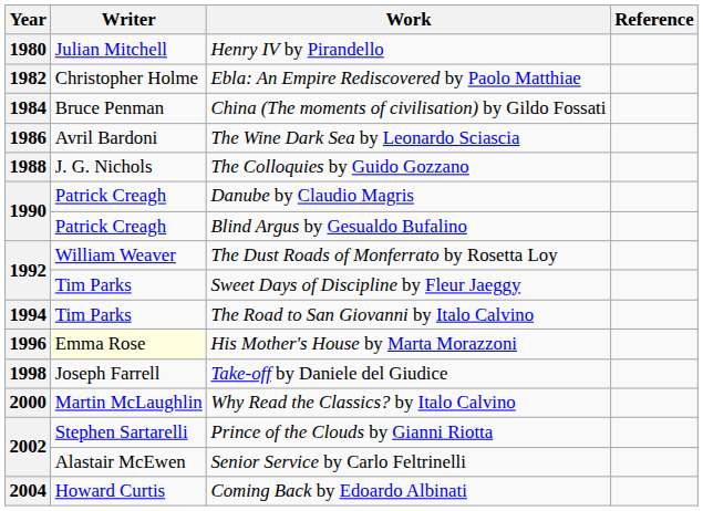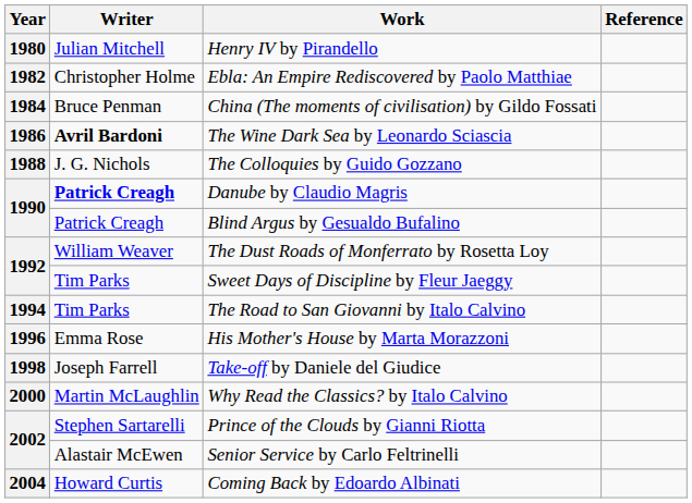 <table class="wikitable">
 <tr>
 <th>Year</th>
 <th>Writer</th>
 <th>Work</th>
 <th>Reference</th>
 </tr>
 <tr>
 <th>1980</th>
 <td><a href='#'>Julian Mitchell</a></td>
 <td><em>Henry IV</em> by <a href='#'>Pirandello</a></td>
 <td></td>
 </tr>
 <tr>
 <th>1982</th>
 <td>Christopher Holme</td>
 <td><em>Ebla: An Empire Rediscovered</em> by <a href='#'>Paolo Matthiae</a></td>
 <td></td>
 </tr>
 <tr>
 <th>1984</th>
 <td>Bruce Penman</td>
 <td><em>China (The moments of civilisation)</em> by Gildo Fossati</td>
 <td></td>
 </tr>
 <tr>
 <th>1986</th>
-<td>Avril Bardoni</td>
+<td><strong>Avril Bardoni</strong></td>
 <td><em>The Wine Dark Sea</em> by <a href='#'>Leonardo Sciascia</a></td>
 <td></td>
 </tr>
 <tr>
 <th>1988</th>
 <td>J. G. Nichols</td>
 <td><em>The Colloquies</em> by <a href='#'>Guido Gozzano</a></td>
 <td></td>
 </tr>
 <tr>
 <th rowspan=2>1990</th>
-<td><a href='#'>Patrick Creagh</a></td>
+<td><strong><a href='#'>Patrick Creagh</a></strong></td>
 <td><em>Danube</em> by <a href='#'>Claudio Magris</a></td>
 <td></td>
 </tr>
 <tr>
 <td><a href='#'>Patrick Creagh</a></td>
 <td><em>Blind Argus</em> by <a href='#'>Gesualdo Bufalino</a></td>
 <td></td>
 </tr>
 <tr>
 <th rowspan=2>1992</th>
 <td><a href='#'>William Weaver</a></td>
 <td><em>The Dust Roads of Monferrato</em> by Rosetta Loy</td>
 <td></td>
 </tr>
 <tr>
 <td><a href='#'>Tim Parks</a></td>
 <td><em>Sweet Days of Discipline</em> by <a href='#'>Fleur Jaeggy</a></td>
 <td></td>
 </tr>
 <tr>
 <th>1994</th>
 <td><a href='#'>Tim Parks</a></td>
 <td><em>The Road to San Giovanni</em> by <a href='#'>Italo Calvino</a></td>
 <td></td>
 </tr>
 <tr>
 <th>1996</th>
-<td style="background: lightyellow;">Emma Rose</td>
+<td>Emma Rose</td>
 <td><em>His Mother's House</em> by <a href='#'>Marta Morazzoni</a></td>
 <td></td>
 </tr>
 <tr>
 <th>1998</th>
 <td>Joseph Farrell</td>
 <td><em><a href='#'>Take-off</a></em> by Daniele del Giudice</td>
 <td></td>
 </tr>
 <tr>
 <th>2000</th>
 <td><a href='#'>Martin McLaughlin</a></td>
 <td><em>Why Read the Classics?</em> by <a href='#'>Italo Calvino</a></td>
 <td></td>
 </tr>
 <tr>
 <th rowspan=2>2002</th>
 <td><a href='#'>Stephen Sartarelli</a></td>
 <td><em>Prince of the Clouds</em> by <a href='#'>Gianni Riotta</a></td>
 <td></td>
 </tr>
 <tr>
 <td>Alastair McEwen</td>
 <td><em>Senior Service</em> by Carlo Feltrinelli</td>
 <td></td>
 </tr>
 <tr>
 <th>2004</th>
 <td><a href='#'>Howard Curtis</a></td>
 <td><em>Coming Back</em> by <a href='#'>Edoardo Albinati</a></td>
 <td></td>
 </tr>
 </table>
